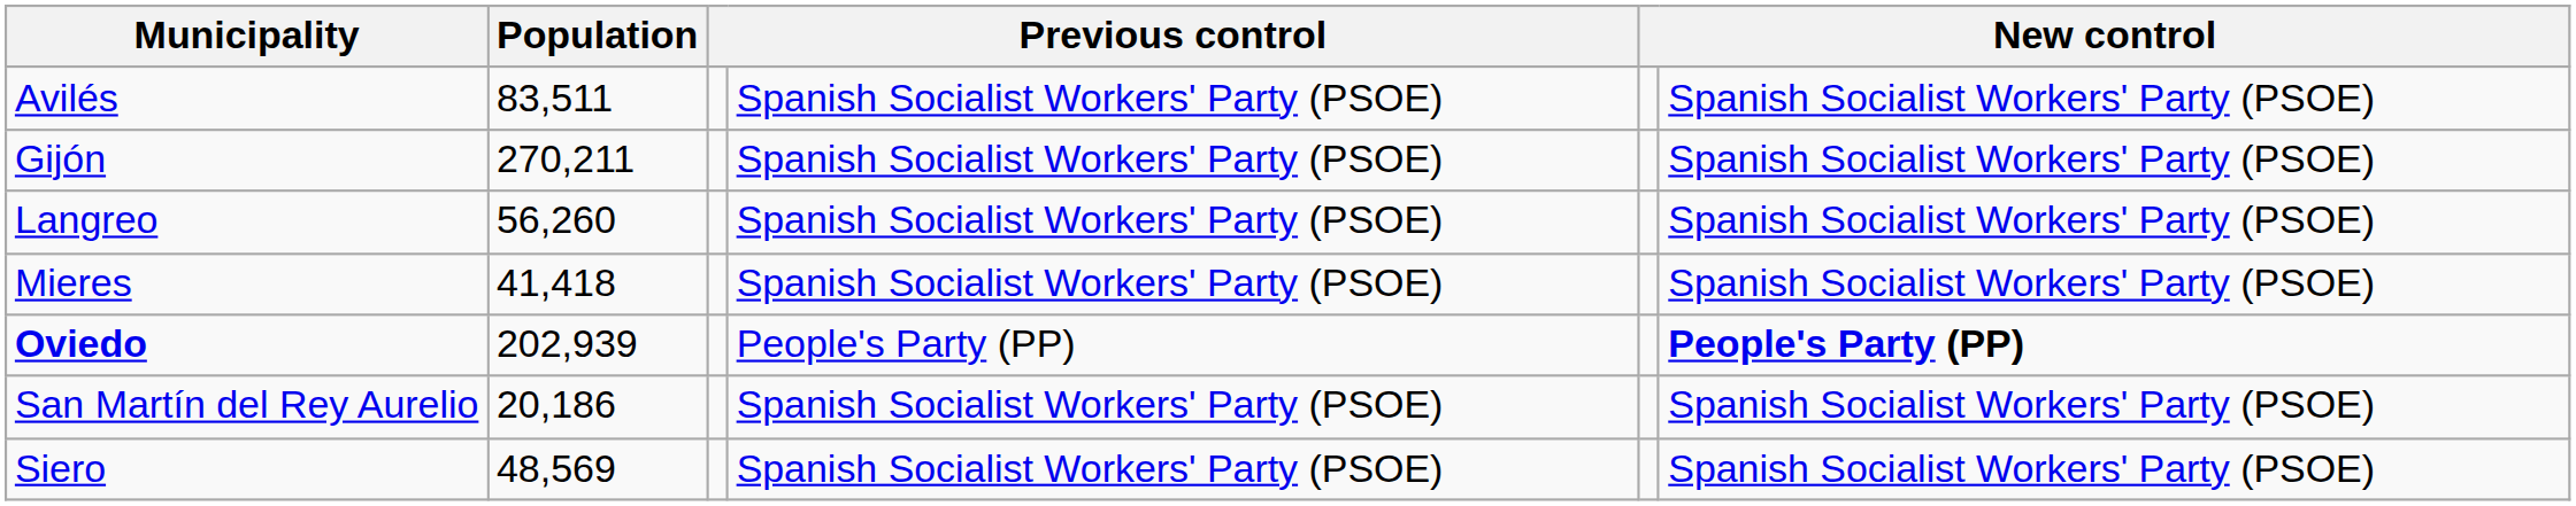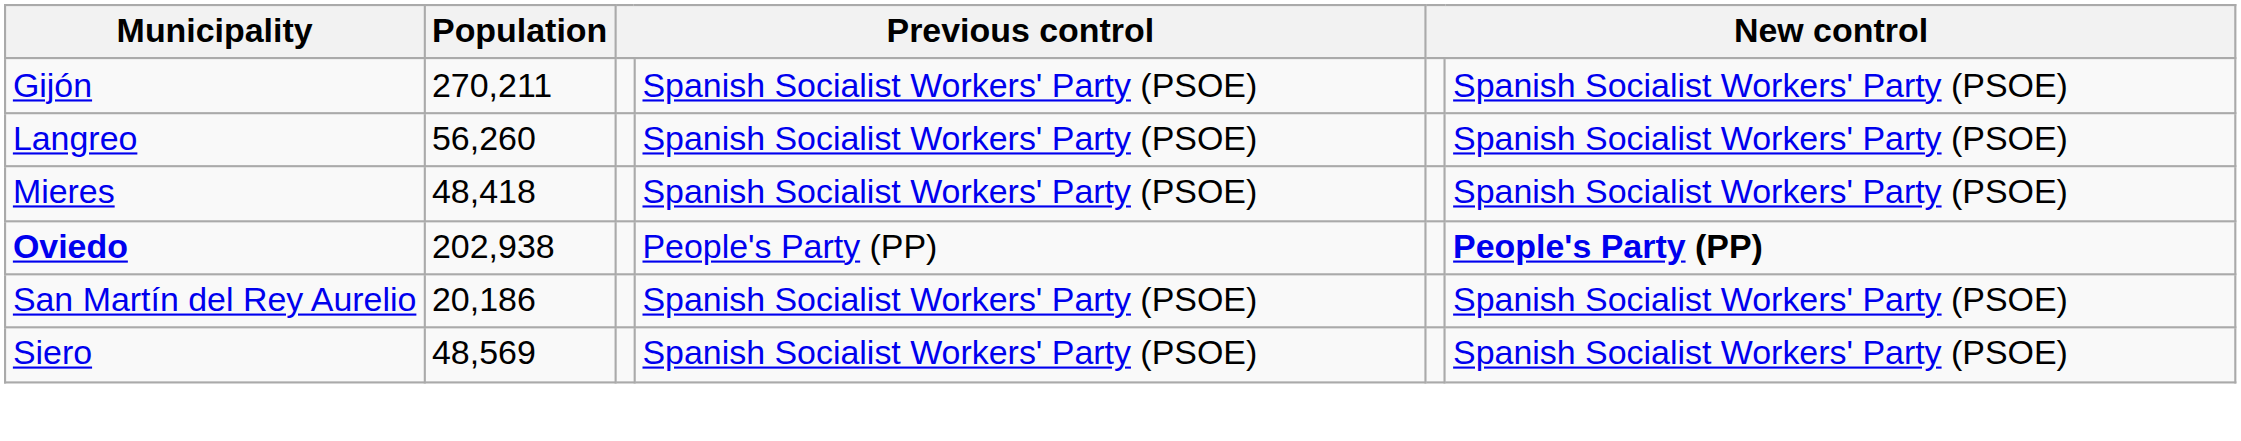 <table class="wikitable sortable">
 <tr>
 <th>Municipality</th>
 <th>Population</th>
 <th colspan="2" style="width:375px;">Previous control</th>
 <th colspan="2" style="width:375px;">New control</th>
-</tr>
-<tr>
-<td><a href='#'>Avilés</a></td>
-<td>83,511</td>
-<td width="1" style="color:inherit;background:"></td>
-<td><a href='#'>Spanish Socialist Workers' Party</a> (PSOE)</td>
-<td width="1" style="color:inherit;background:"></td>
-<td><a href='#'>Spanish Socialist Workers' Party</a> (PSOE)</td>
 </tr>
 <tr>
 <td><a href='#'>Gijón</a></td>
 <td>270,211</td>
 <td style="color:inherit;background:"></td>
 <td><a href='#'>Spanish Socialist Workers' Party</a> (PSOE)</td>
 <td style="color:inherit;background:"></td>
 <td><a href='#'>Spanish Socialist Workers' Party</a> (PSOE)</td>
 </tr>
 <tr>
 <td><a href='#'>Langreo</a></td>
 <td>56,260</td>
 <td style="color:inherit;background:"></td>
 <td><a href='#'>Spanish Socialist Workers' Party</a> (PSOE)</td>
 <td style="color:inherit;background:"></td>
 <td><a href='#'>Spanish Socialist Workers' Party</a> (PSOE)</td>
 </tr>
 <tr>
 <td><a href='#'>Mieres</a></td>
-<td>41,418</td>
+<td>48,418</td>
 <td style="color:inherit;background:"></td>
 <td><a href='#'>Spanish Socialist Workers' Party</a> (PSOE)</td>
 <td style="color:inherit;background:"></td>
 <td><a href='#'>Spanish Socialist Workers' Party</a> (PSOE)</td>
 </tr>
 <tr>
 <td><strong><a href='#'>Oviedo</a></strong></td>
-<td>202,939</td>
+<td>202,938</td>
 <td style="color:inherit;background:"></td>
 <td><a href='#'>People's Party</a> (PP)</td>
 <td style="color:inherit;background:"></td>
 <td><strong><a href='#'>People's Party</a> (PP)</strong></td>
 </tr>
 <tr>
 <td><a href='#'>San Martín del Rey Aurelio</a></td>
 <td>20,186</td>
 <td style="color:inherit;background:"></td>
 <td><a href='#'>Spanish Socialist Workers' Party</a> (PSOE)</td>
 <td style="color:inherit;background:"></td>
 <td><a href='#'>Spanish Socialist Workers' Party</a> (PSOE)</td>
 </tr>
 <tr>
 <td><a href='#'>Siero</a></td>
 <td>48,569</td>
 <td style="color:inherit;background:"></td>
 <td><a href='#'>Spanish Socialist Workers' Party</a> (PSOE)</td>
 <td style="color:inherit;background:"></td>
 <td><a href='#'>Spanish Socialist Workers' Party</a> (PSOE)</td>
 </tr>
 </table>
